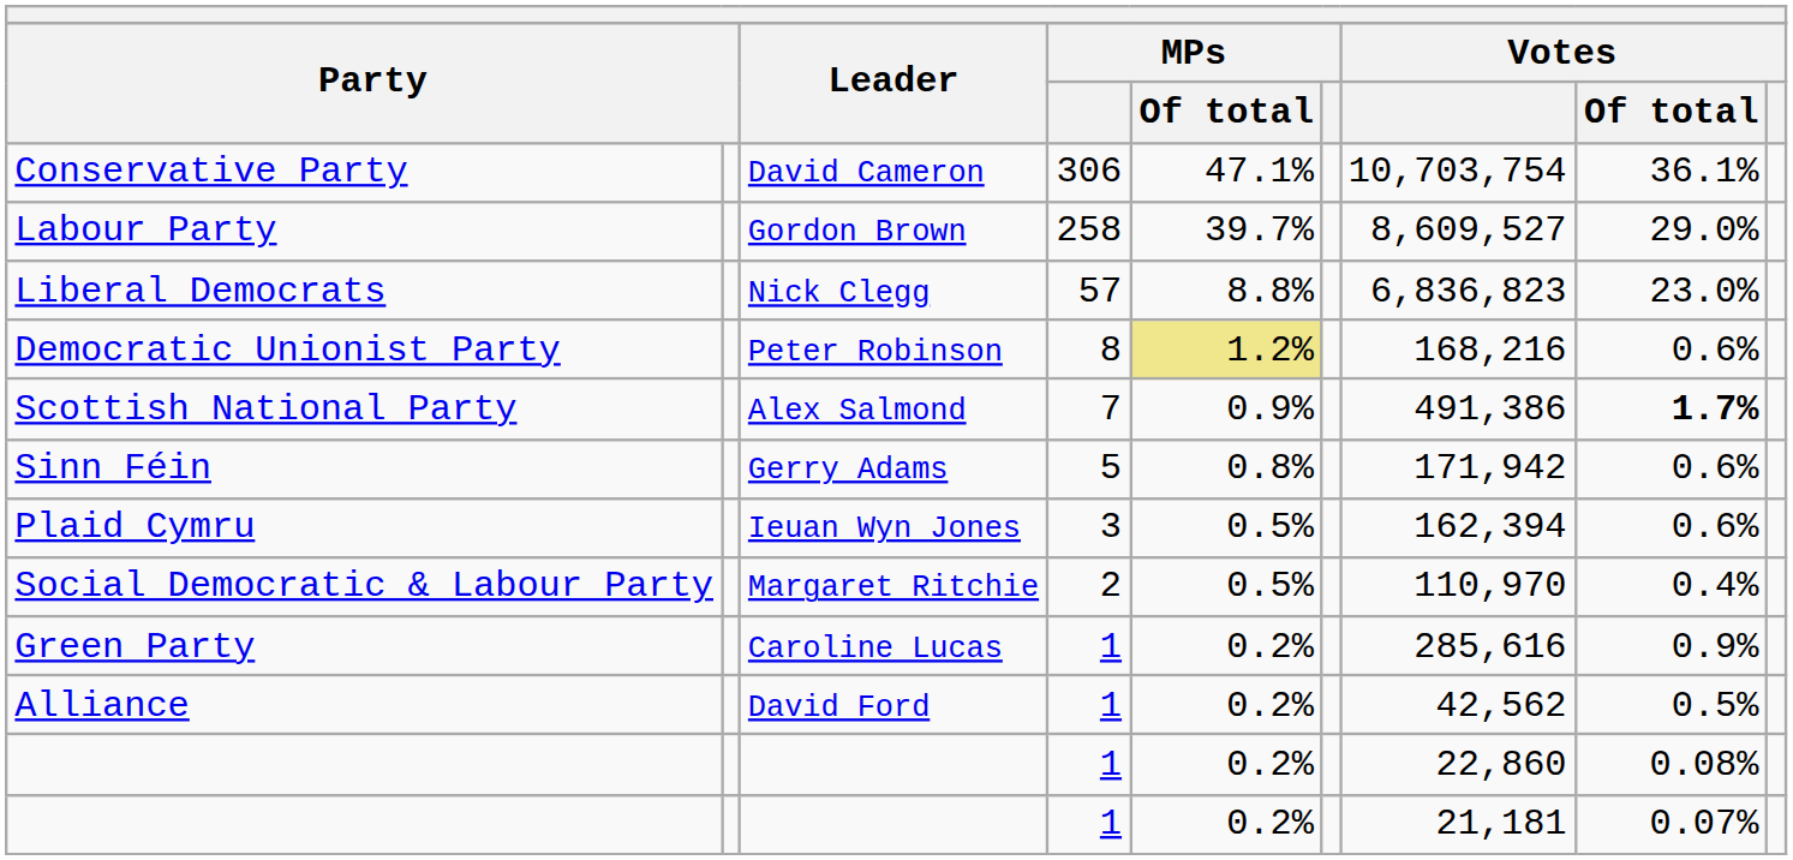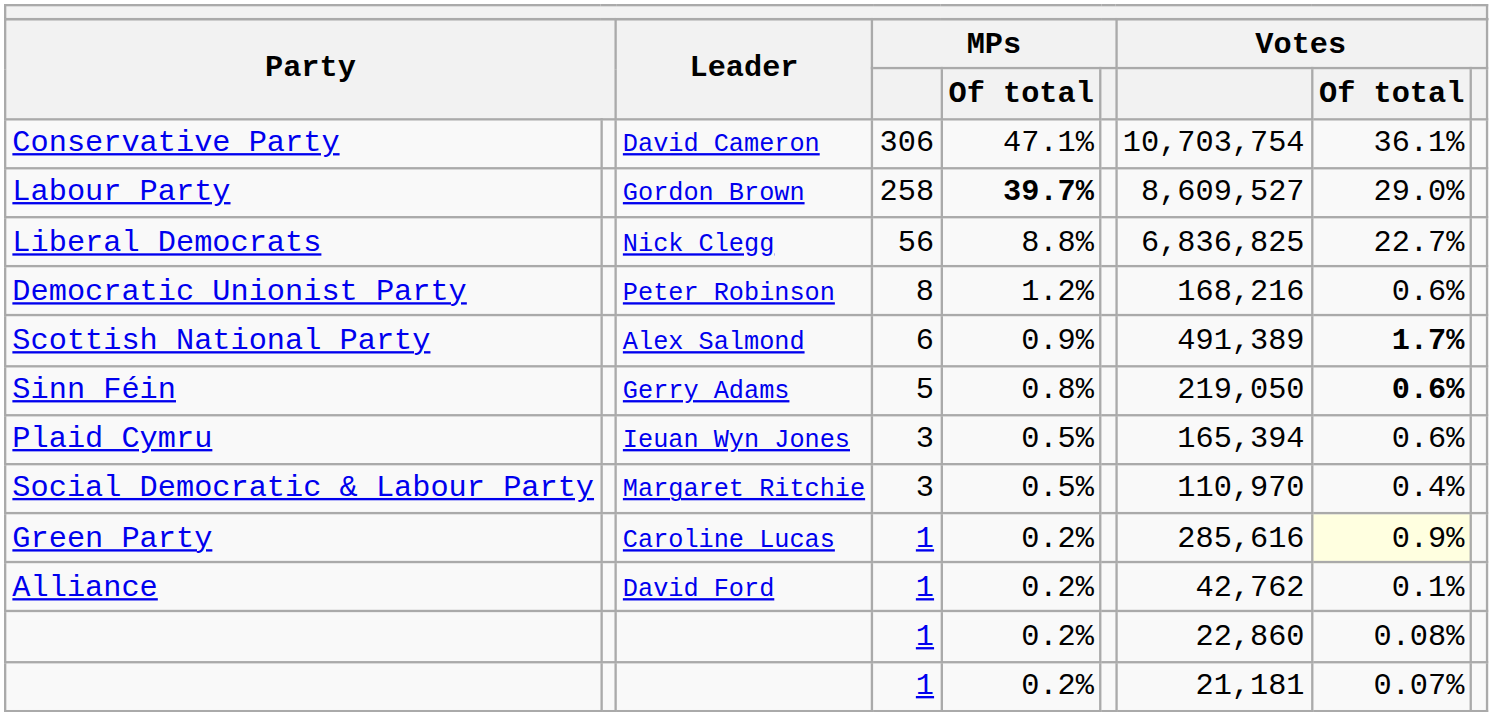 <table class="wikitable sortable" style="text-align:right;">
 <tr>
 <th colspan="9"></th>
 </tr>
 <tr>
 </tr>
 <tr>
 <th colspan=2 rowspan=2>Party</th>
 <th rowspan=2>Leader</th>
 <th colspan=3>MPs</th>
 <th colspan=3>Votes</th>
 </tr>
 <tr>
 <th></th>
 <th>Of total</th>
 <th class="unsortable"></th>
 <th></th>
 <th>Of total</th>
 <th class="unsortable"></th>
 </tr>
 <tr>
 <td style="text-align:left;"><a href='#'>Conservative Party</a></td>
 <td style="color:inherit;background:"></td>
 <td style="text-align:left;"><small><a href='#'>David Cameron</a></small></td>
 <td>306</td>
 <td>47.1%</td>
 <td data-sort-value=""></td>
 <td>10,703,754</td>
 <td>36.1%</td>
 <td></td>
 </tr>
 <tr>
 <td style="text-align:left;"><a href='#'>Labour Party</a></td>
 <td style="color:inherit;background:"></td>
 <td style="text-align:left;"><small><a href='#'>Gordon Brown</a></small></td>
 <td>258</td>
-<td>39.7%</td>
+<td><strong>39.7%</strong></td>
 <td data-sort-value=""></td>
 <td>8,609,527</td>
 <td>29.0%</td>
 <td></td>
 </tr>
 <tr>
 <td style="text-align:left;"><a href='#'>Liberal Democrats</a></td>
 <td style="color:inherit;background:"></td>
 <td style="text-align:left;"><small><a href='#'>Nick Clegg</a></small></td>
-<td>57</td>
+<td>56</td>
 <td>8.8%</td>
 <td data-sort-value=""></td>
-<td>6,836,823</td>
-<td>23.0%</td>
+<td>6,836,825</td>
+<td>22.7%</td>
 <td></td>
 </tr>
 <tr>
 <td style="text-align:left;"><a href='#'>Democratic Unionist Party</a></td>
 <td style="color:inherit;background:"></td>
 <td style="text-align:left;"><small><a href='#'>Peter Robinson</a></small></td>
 <td>8</td>
-<td style="background: khaki;">1.2%</td>
+<td>1.2%</td>
 <td data-sort-value=""></td>
 <td>168,216</td>
 <td>0.6%</td>
 <td></td>
 </tr>
 <tr>
 <td style="text-align:left;"><a href='#'>Scottish National Party</a></td>
 <td style="color:inherit;background:"></td>
 <td style="text-align:left;"><small><a href='#'>Alex Salmond</a></small></td>
-<td>7</td>
+<td>6</td>
 <td>0.9%</td>
 <td data-sort-value=""></td>
-<td>491,386</td>
+<td>491,389</td>
 <td><strong>1.7%</strong></td>
 <td></td>
 </tr>
 <tr>
 <td style="text-align:left;"><a href='#'>Sinn Féin</a></td>
 <td style="color:inherit;background:"></td>
 <td style="text-align:left;"><small><a href='#'>Gerry Adams</a></small></td>
 <td>5</td>
 <td>0.8%</td>
 <td data-sort-value=""></td>
-<td>171,942</td>
-<td>0.6%</td>
+<td>219,050</td>
+<td><strong>0.6%</strong></td>
 <td></td>
 </tr>
 <tr>
 <td style="text-align:left;"><a href='#'>Plaid Cymru</a></td>
 <td style="color:inherit;background:"></td>
 <td style="text-align:left;"><small><a href='#'>Ieuan Wyn Jones</a></small></td>
 <td>3</td>
 <td>0.5%</td>
 <td data-sort-value=""></td>
-<td>162,394</td>
+<td>165,394</td>
 <td>0.6%</td>
 <td></td>
 </tr>
 <tr>
 <td style="text-align:left;"><a href='#'>Social Democratic & Labour Party</a></td>
 <td style="color:inherit;background:"></td>
 <td style="text-align:left;"><small><a href='#'>Margaret Ritchie</a></small></td>
-<td>2</td>
+<td>3</td>
 <td>0.5%</td>
 <td data-sort-value=""></td>
 <td>110,970</td>
 <td>0.4%</td>
 <td></td>
 </tr>
 <tr>
 <td style="text-align:left;"><a href='#'>Green Party</a></td>
 <td style="color:inherit;background:"></td>
 <td style="text-align:left;"><small><a href='#'>Caroline Lucas</a></small></td>
 <td><a href='#'>1</a></td>
 <td>0.2%</td>
 <td data-sort-value=""></td>
 <td>285,616</td>
-<td>0.9%</td>
+<td style="background: lightyellow;">0.9%</td>
 <td></td>
 </tr>
 <tr>
 <td style="text-align:left;"><a href='#'>Alliance</a></td>
 <td style="color:inherit;background:"></td>
 <td style="text-align:left;"><small><a href='#'>David Ford</a></small></td>
 <td><a href='#'>1</a></td>
 <td>0.2%</td>
 <td data-sort-value=""></td>
-<td>42,562</td>
-<td>0.5%</td>
+<td>42,762</td>
+<td>0.1%</td>
 <td></td>
 </tr>
 <tr>
 <td></td>
 <td style="color:inherit;background:"></td>
 <td style="text-align:left;"></td>
 <td><a href='#'>1</a></td>
 <td>0.2%</td>
 <td data-sort-value=""></td>
 <td>22,860</td>
 <td>0.08%</td>
 <td></td>
 </tr>
 <tr>
 <td></td>
 <td style="color:inherit;background:"></td>
 <td style="text-align:left;"></td>
 <td><a href='#'>1</a></td>
 <td>0.2%</td>
 <td data-sort-value=""></td>
 <td>21,181</td>
 <td>0.07%</td>
 <td></td>
 </tr>
 </table>
